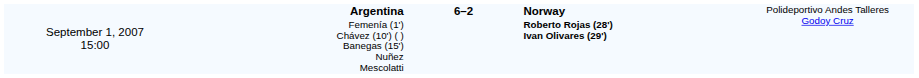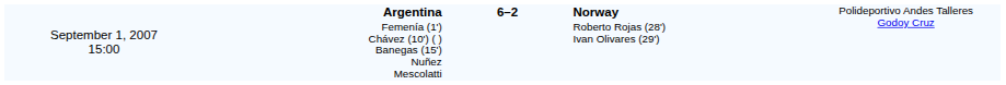 <table style="width: 100%; background:#F5FAFF;" cellspacing="0">
 <tr>
 <td align=center rowspan=3 width=20%>September 1, 2007<br>15:00</td>
 </tr>
 <tr>
 <td width=24% align=right><strong>Argentina</strong></td>
 <td align=center width=13%><strong>6–2</strong></td>
 <td width=24%><strong>Norway</strong></td>
 <td style=font-size:85% rowspan=3 valign=top align=center>Polideportivo Andes Talleres<br><a href='#'>Godoy Cruz</a></td>
 </tr>
 <tr style=font-size:85%>
 <td align=right valign=top>Femenía (1')<br>Chávez (10') (  ) <br>Banegas (15')<br>Nuñez <br>Mescolatti</td>
 <td></td>
-<td valign=top><strong>Roberto Rojas (28')<br>Ivan Olivares (29')</strong></td>
+<td valign=top>Roberto Rojas (28')<br>Ivan Olivares (29')</td>
 </tr>
 </table>
